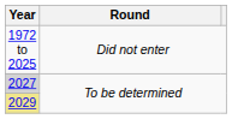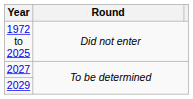 <table class="wikitable" style="text-align: center; font-size:90%">
 <tr>
 <th>Year</th>
 <th style="width:200px">Round</th>
 <th></th>
 </tr>
 <tr>
 <td><a href='#'>1972</a><br>to<br><a href='#'>2025</a></td>
 <td colspan="2"><em>Did not enter</em></td>
 </tr>
 <tr>
-<td style="background: lightgrey;"><a href='#'>2027</a></td>
+<td><a href='#'>2027</a></td>
 <td colspan="2" rowspan="2"><em>To be determined</em></td>
 </tr>
 <tr>
-<td style="background: khaki;"><a href='#'>2029</a></td>
+<td><a href='#'>2029</a></td>
 </tr>
 </table>
